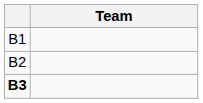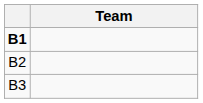 <table class="wikitable">
 <tr>
 <th></th>
 <th width="175">Team</th>
 </tr>
 <tr>
-<td align="center">B1</td>
+<td align="center"><strong>B1</strong></td>
 <td></td>
 </tr>
 <tr>
 <td align="center">B2</td>
 <td></td>
 </tr>
 <tr>
-<td align="center"><strong>B3</strong></td>
+<td align="center">B3</td>
 <td></td>
 </tr>
 </table>
